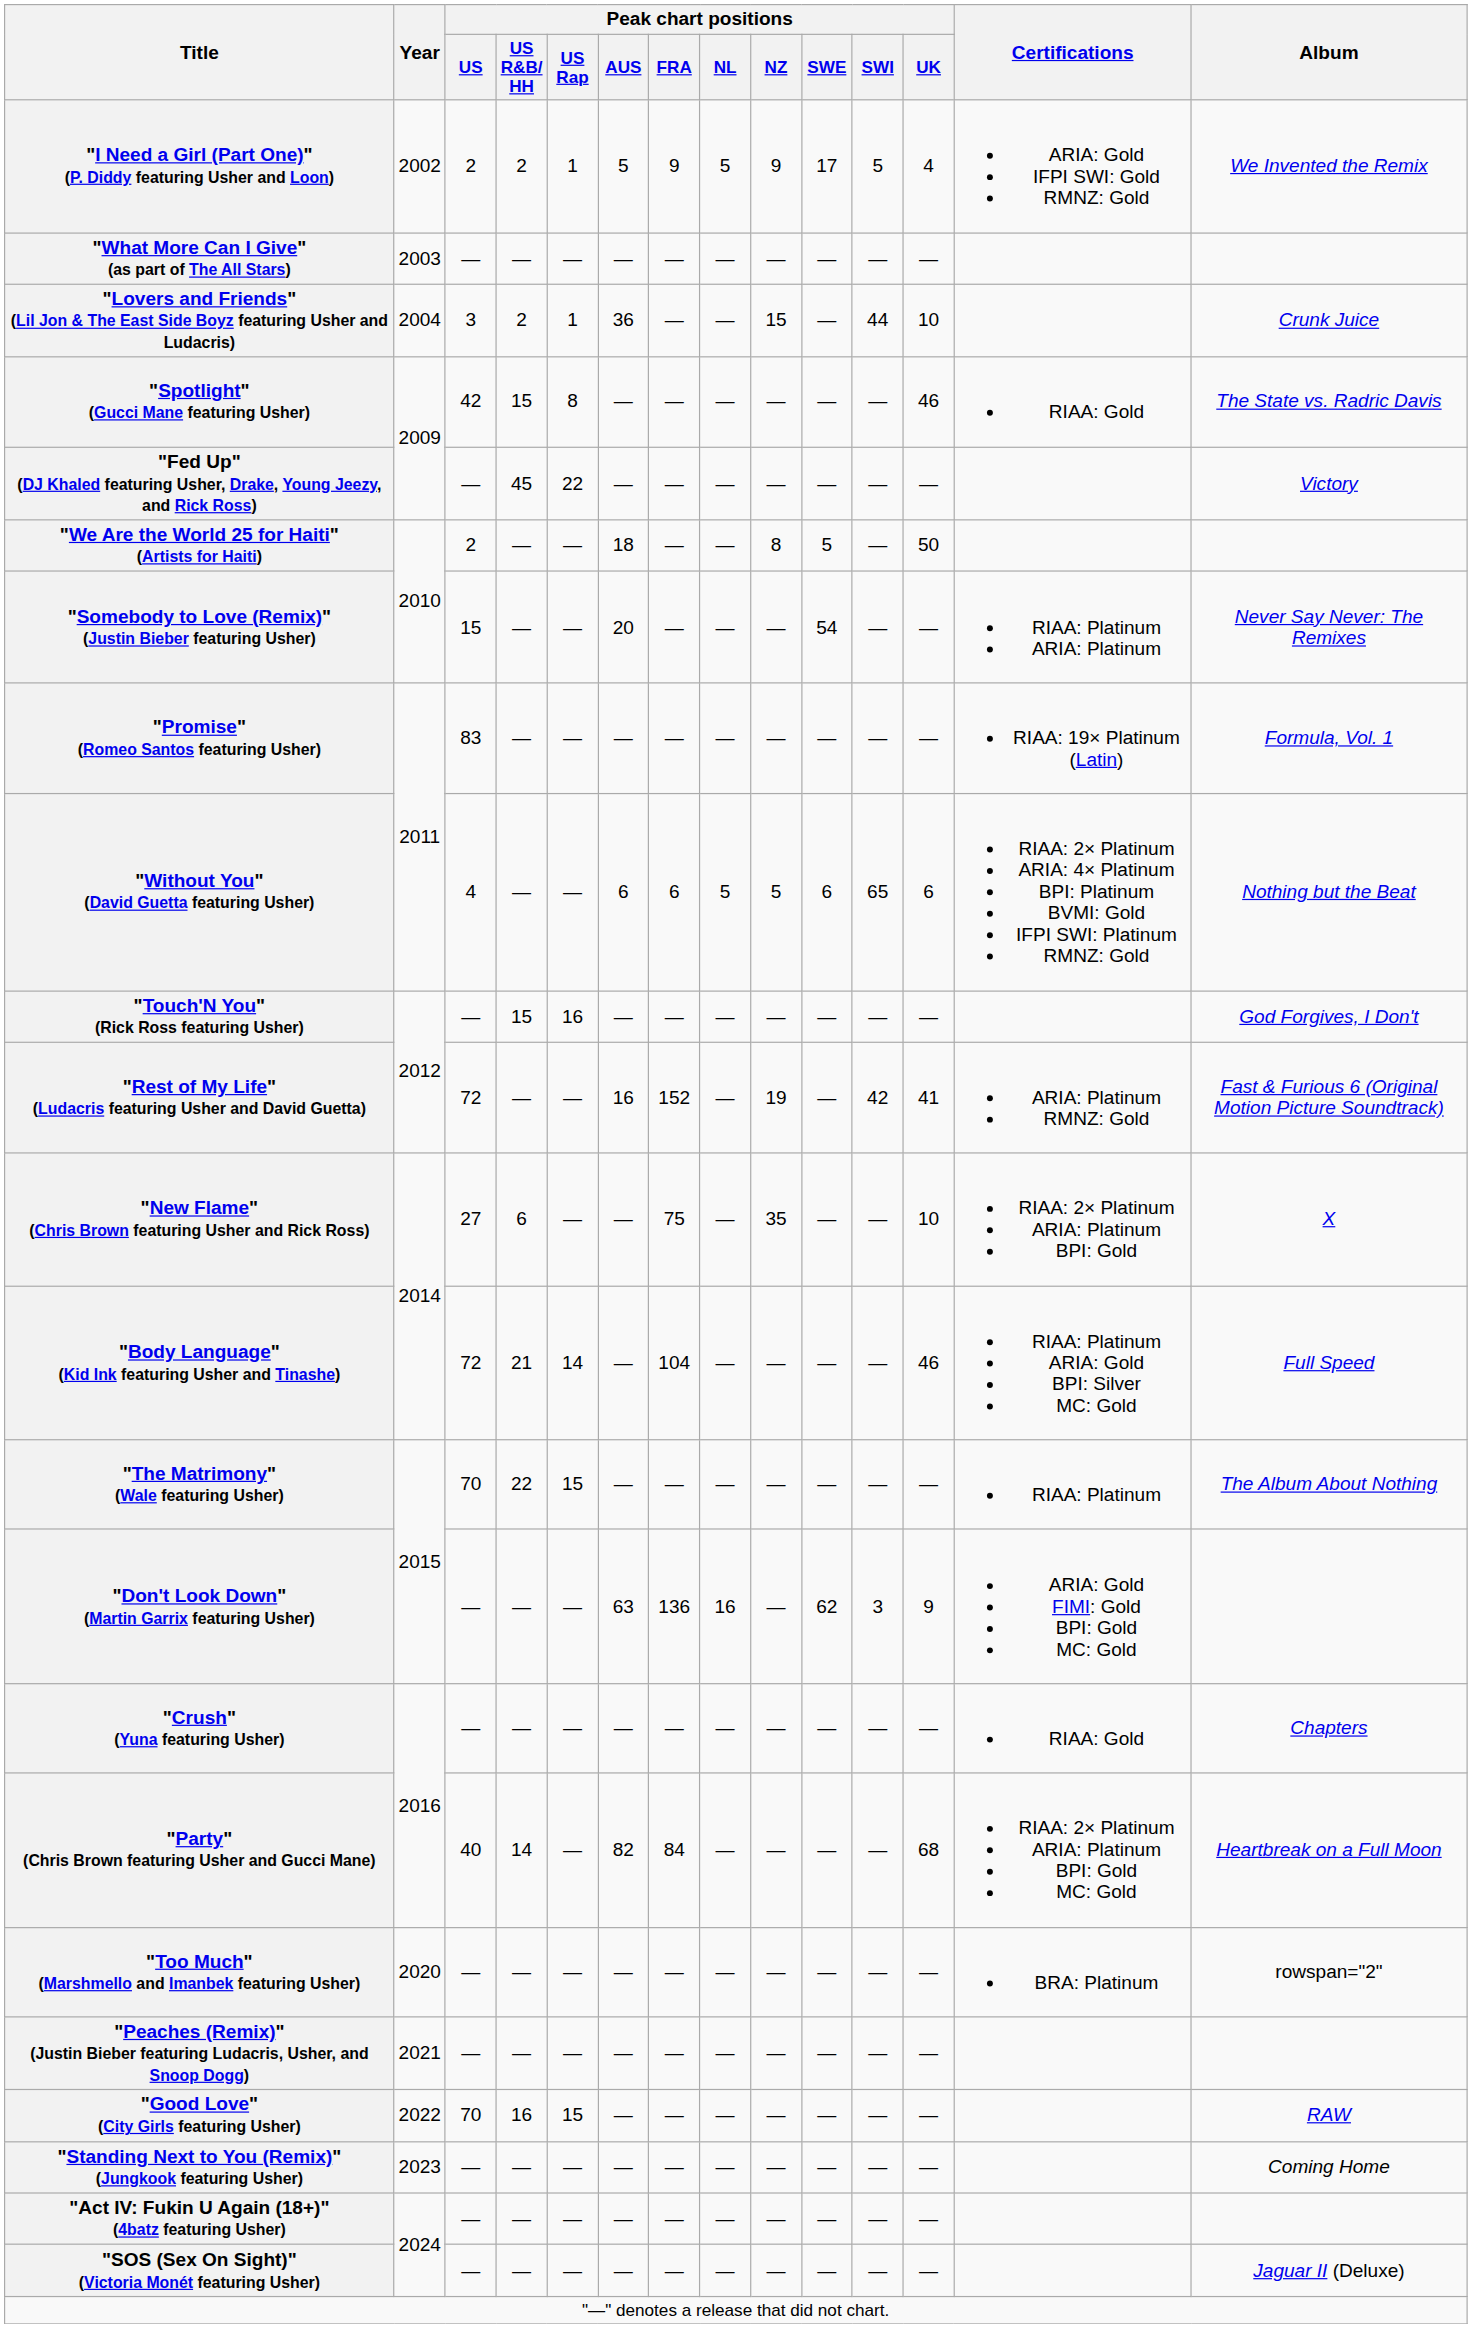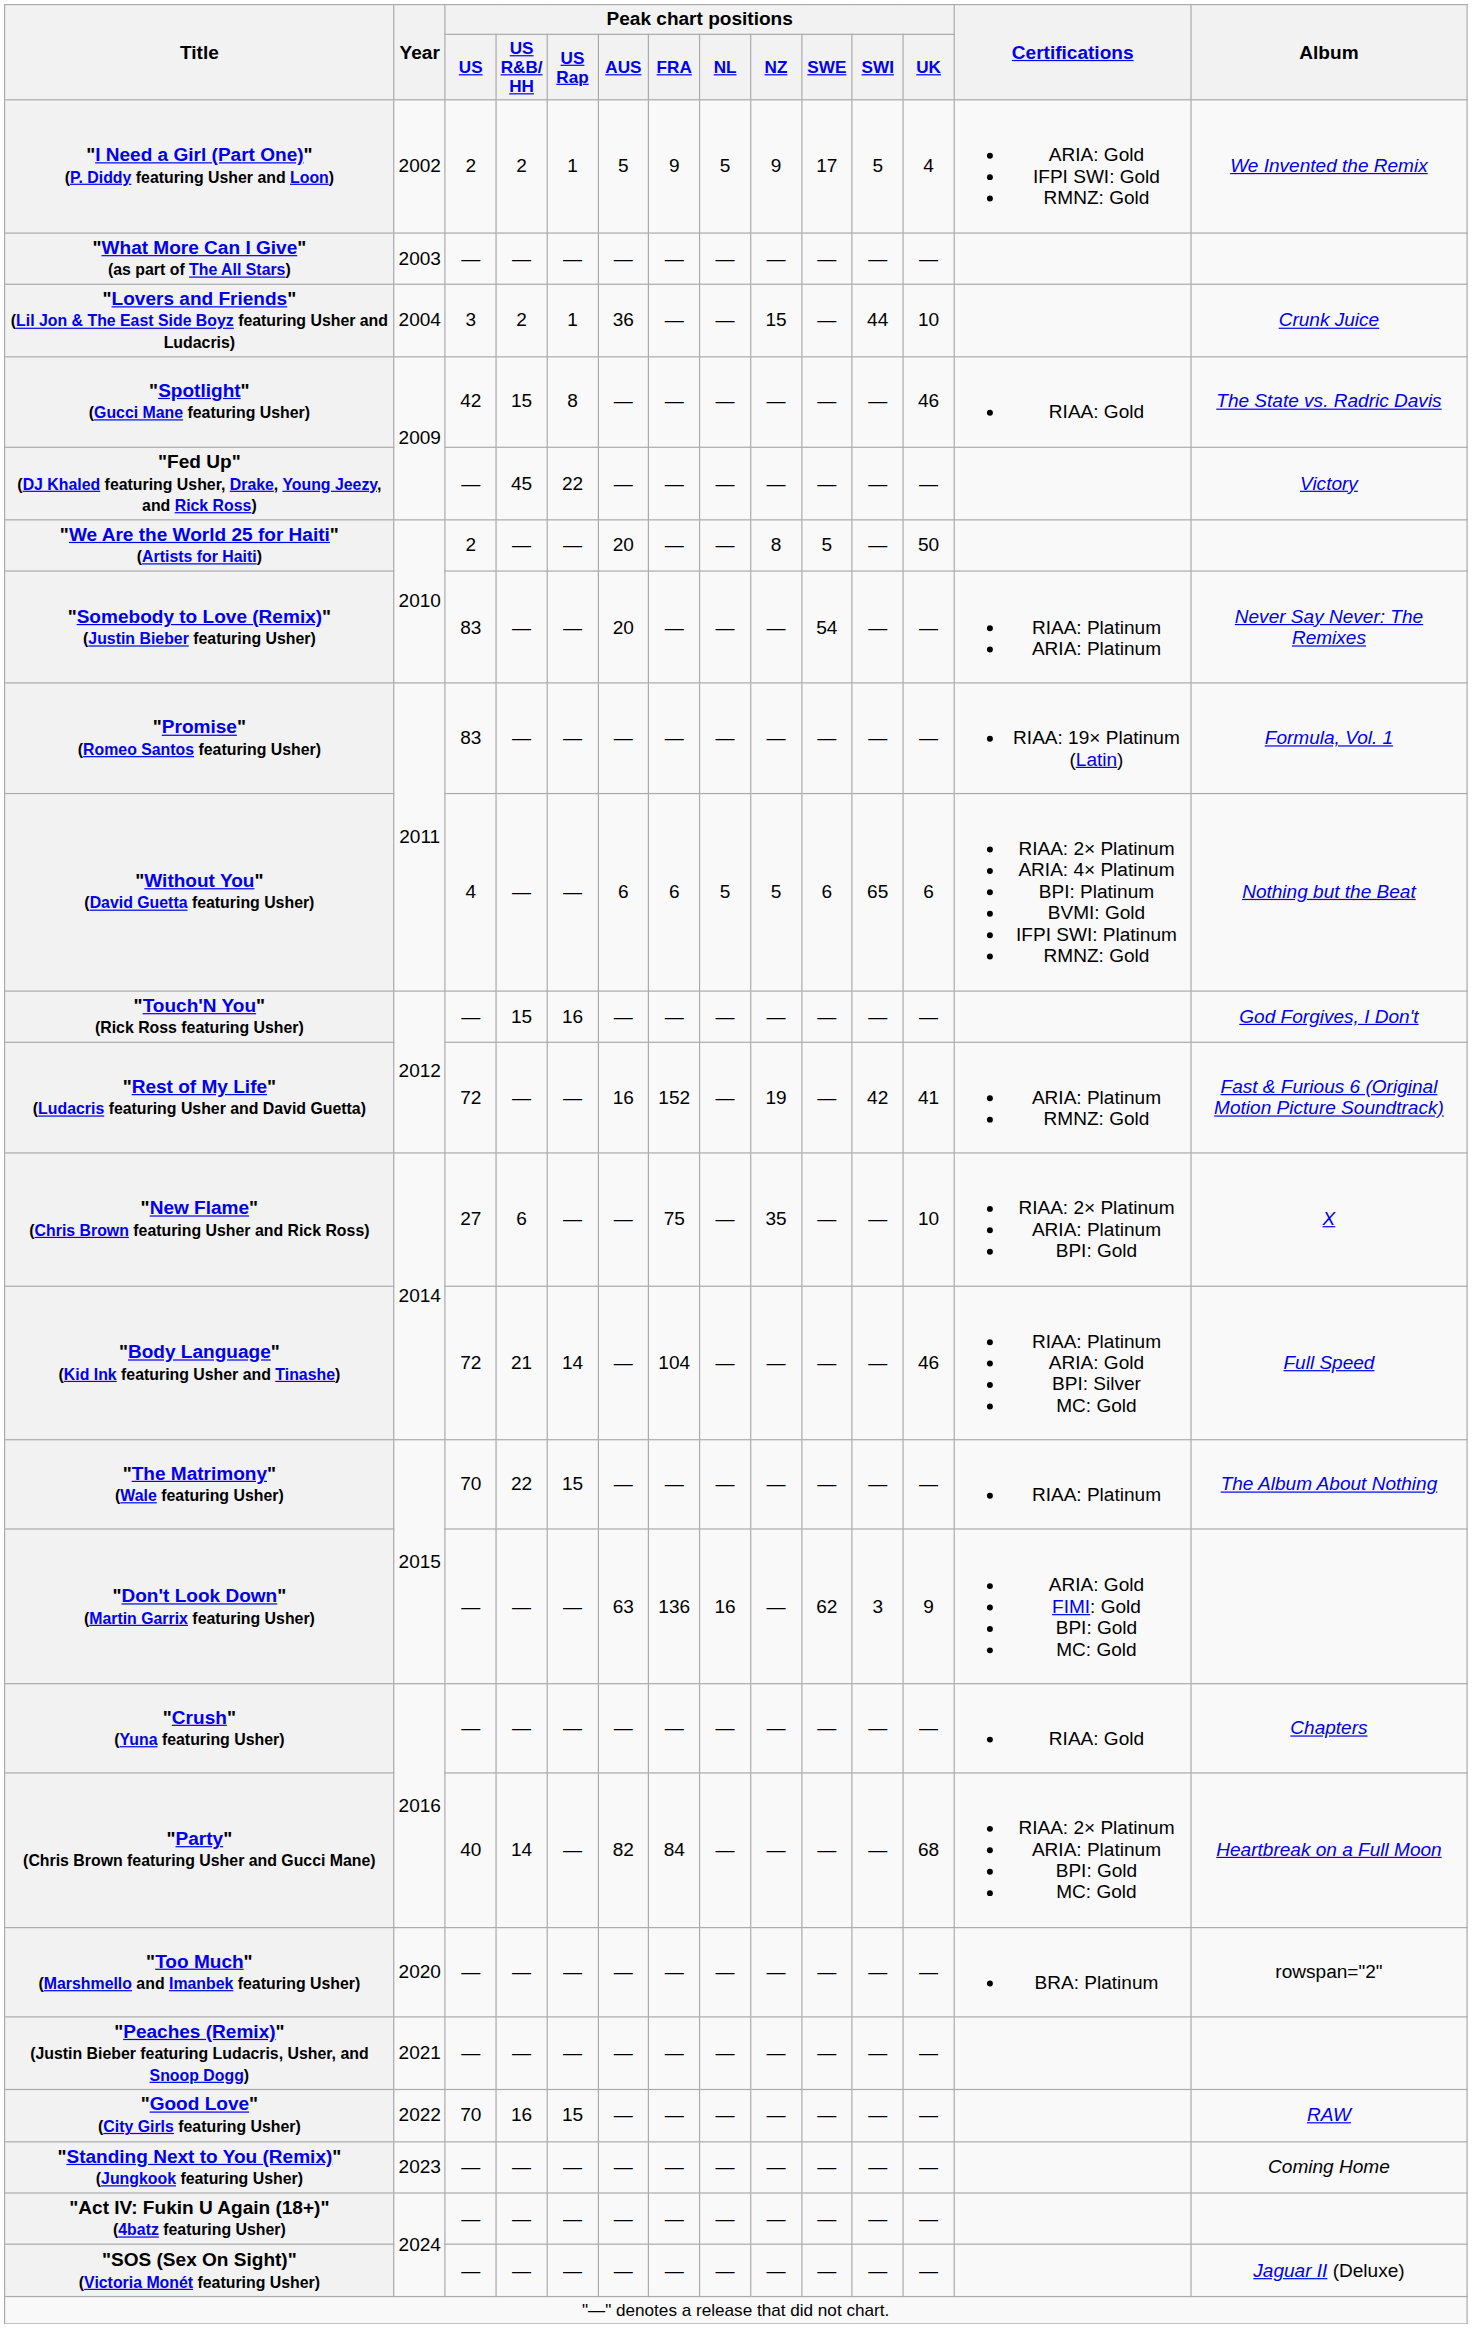 <table class="wikitable plainrowheaders" style="text-align:center;" border="1">
 <tr>
 <th scope="col" rowspan="2" style="width:20em;">Title</th>
 <th scope="col" rowspan="2">Year</th>
 <th scope="col" colspan="10">Peak chart positions</th>
 <th scope="col" rowspan="2" style="width:12em;"><a href='#'>Certifications</a></th>
 <th scope="col" rowspan="2" style="width:14em;">Album</th>
 </tr>
 <tr>
 <th scope="col" style="width:2.5em;font-size:90%;"><a href='#'>US</a><br></th>
 <th scope="col" style="width:2.5em;font-size:90%;"><a href='#'>US<br>R&B/<br>HH</a><br></th>
 <th scope="col" style="width:2.5em;font-size:90%;"><a href='#'>US Rap</a><br></th>
 <th scope="col" style="width:2.5em;font-size:90%;"><a href='#'>AUS</a><br></th>
 <th scope="col" style="width:2.5em;font-size:90%;"><a href='#'>FRA</a><br></th>
 <th scope="col" style="width:2.5em;font-size:90%;"><a href='#'>NL</a><br></th>
 <th scope="col" style="width:2.5em;font-size:90%;"><a href='#'>NZ</a><br></th>
 <th scope="col" style="width:2.5em;font-size:90%;"><a href='#'>SWE</a><br></th>
 <th scope="col" style="width:2.5em;font-size:90%;"><a href='#'>SWI</a><br></th>
 <th scope="col" style="width:2.5em;font-size:90%;"><a href='#'>UK</a><br></th>
 </tr>
 <tr>
 <th scope="row">"<a href='#'>I Need a Girl (Part One)</a>"<br><small>(<a href='#'>P. Diddy</a> featuring Usher and <a href='#'>Loon</a>)</small></th>
 <td>2002</td>
 <td>2</td>
 <td>2</td>
 <td>1</td>
 <td>5</td>
 <td>9</td>
 <td>5</td>
 <td>9</td>
 <td>17</td>
 <td>5</td>
 <td>4</td>
 <td><br><ul><li>ARIA: Gold</li><li>IFPI SWI: Gold</li><li>RMNZ: Gold</li></ul></td>
 <td><em><a href='#'>We Invented the Remix</a></em></td>
 </tr>
 <tr>
 <th scope="row">"<a href='#'>What More Can I Give</a>"<br><small>(as part of <a href='#'>The All Stars</a>)</small></th>
 <td>2003</td>
 <td>—</td>
 <td>—</td>
 <td>—</td>
 <td>—</td>
 <td>—</td>
 <td>—</td>
 <td>—</td>
 <td>—</td>
 <td>—</td>
 <td>—</td>
 <td></td>
 <td></td>
 </tr>
 <tr>
 <th scope="row">"<a href='#'>Lovers and Friends</a>"<br><small>(<a href='#'>Lil Jon & The East Side Boyz</a> featuring Usher and Ludacris)</small></th>
 <td>2004</td>
 <td>3</td>
 <td>2</td>
 <td>1</td>
 <td>36</td>
 <td>—</td>
 <td>—</td>
 <td>15</td>
 <td>—</td>
 <td>44</td>
 <td>10</td>
 <td></td>
 <td><em><a href='#'>Crunk Juice</a></em></td>
 </tr>
 <tr>
 <th scope="row">"<a href='#'>Spotlight</a>"<br><small>(<a href='#'>Gucci Mane</a> featuring Usher)</small></th>
 <td rowspan="2">2009</td>
 <td>42</td>
 <td>15</td>
 <td>8</td>
 <td>—</td>
 <td>—</td>
 <td>—</td>
 <td>—</td>
 <td>—</td>
 <td>—</td>
 <td>46</td>
 <td><br><ul><li>RIAA: Gold</li></ul></td>
 <td><em><a href='#'>The State vs. Radric Davis</a></em></td>
 </tr>
 <tr>
 <th scope="row">"Fed Up"<br><small>(<a href='#'>DJ Khaled</a> featuring Usher, <a href='#'>Drake</a>, <a href='#'>Young Jeezy</a>, and <a href='#'>Rick Ross</a>)</small></th>
 <td>—</td>
 <td>45</td>
 <td>22</td>
 <td>—</td>
 <td>—</td>
 <td>—</td>
 <td>—</td>
 <td>—</td>
 <td>—</td>
 <td>—</td>
 <td></td>
 <td><em><a href='#'>Victory</a></em></td>
 </tr>
 <tr>
 <th scope="row">"<a href='#'>We Are the World 25 for Haiti</a>"<br><small>(<a href='#'>Artists for Haiti</a>)</small></th>
 <td rowspan="2">2010</td>
 <td>2</td>
 <td>—</td>
 <td>—</td>
-<td>18</td>
+<td>20</td>
 <td>—</td>
 <td>—</td>
 <td>8</td>
 <td>5</td>
 <td>—</td>
 <td>50</td>
 <td></td>
 <td></td>
 </tr>
 <tr>
 <th scope="row">"<a href='#'>Somebody to Love (Remix)</a>"<br><small>(<a href='#'>Justin Bieber</a> featuring Usher)</small></th>
-<td>15</td>
+<td>83</td>
 <td>—</td>
 <td>—</td>
 <td>20</td>
 <td>—</td>
 <td>—</td>
 <td>—</td>
 <td>54</td>
 <td>—</td>
 <td>—</td>
 <td><br><ul><li>RIAA: Platinum</li><li>ARIA: Platinum</li></ul></td>
 <td><em><a href='#'>Never Say Never: The Remixes</a></em></td>
 </tr>
 <tr>
 <th scope="row">"<a href='#'>Promise</a>"<br><small>(<a href='#'>Romeo Santos</a> featuring Usher)</small></th>
 <td rowspan="2">2011</td>
 <td>83</td>
 <td>—</td>
 <td>—</td>
 <td>—</td>
 <td>—</td>
 <td>—</td>
 <td>—</td>
 <td>—</td>
 <td>—</td>
 <td>—</td>
 <td><br><ul><li>RIAA: 19× Platinum<br>(<a href='#'>Latin</a>)</li></ul></td>
 <td><em><a href='#'>Formula, Vol. 1</a></em></td>
 </tr>
 <tr>
 <th scope="row">"<a href='#'>Without You</a>"<br><small>(<a href='#'>David Guetta</a> featuring Usher)</small></th>
 <td>4</td>
 <td>—</td>
 <td>—</td>
 <td>6</td>
 <td>6</td>
 <td>5</td>
 <td>5</td>
 <td>6</td>
 <td>65</td>
 <td>6</td>
 <td><br><ul><li>RIAA: 2× Platinum</li><li>ARIA: 4× Platinum</li><li>BPI: Platinum</li><li>BVMI: Gold</li><li>IFPI SWI: Platinum</li><li>RMNZ: Gold</li></ul></td>
 <td><em><a href='#'>Nothing but the Beat</a></em></td>
 </tr>
 <tr>
 <th scope="row">"<a href='#'>Touch'N You</a>"<br><small>(Rick Ross featuring Usher)</small></th>
 <td rowspan="2">2012</td>
 <td>—</td>
 <td>15</td>
 <td>16</td>
 <td>—</td>
 <td>—</td>
 <td>—</td>
 <td>—</td>
 <td>—</td>
 <td>—</td>
 <td>—</td>
 <td></td>
 <td><em><a href='#'>God Forgives, I Don't</a></em></td>
 </tr>
 <tr>
 <th scope="row">"<a href='#'>Rest of My Life</a>"<br><small>(<a href='#'>Ludacris</a> featuring Usher and David Guetta)</small></th>
 <td>72</td>
 <td>—</td>
 <td>—</td>
 <td>16</td>
 <td>152</td>
 <td>—</td>
 <td>19</td>
 <td>—</td>
 <td>42</td>
 <td>41</td>
 <td><br><ul><li>ARIA: Platinum</li><li>RMNZ: Gold</li></ul></td>
 <td><em><a href='#'>Fast & Furious 6 (Original Motion Picture Soundtrack)</a></em></td>
 </tr>
 <tr>
 <th scope="row">"<a href='#'>New Flame</a>"<br><small>(<a href='#'>Chris Brown</a> featuring Usher and Rick Ross)</small></th>
 <td rowspan="2">2014</td>
 <td>27</td>
 <td>6</td>
 <td>—</td>
 <td>—</td>
 <td>75</td>
 <td>—</td>
 <td>35</td>
 <td>—</td>
 <td>—</td>
 <td>10</td>
 <td><br><ul><li>RIAA: 2× Platinum</li><li>ARIA: Platinum</li><li>BPI: Gold</li></ul></td>
 <td><em><a href='#'>X</a></em></td>
 </tr>
 <tr>
 <th scope="row">"<a href='#'>Body Language</a>"<br><small>(<a href='#'>Kid Ink</a> featuring Usher and <a href='#'>Tinashe</a>)</small></th>
 <td>72</td>
 <td>21</td>
 <td>14</td>
 <td>—</td>
 <td>104</td>
 <td>—</td>
 <td>—</td>
 <td>—</td>
 <td>—</td>
 <td>46</td>
 <td><br><ul><li>RIAA: Platinum</li><li>ARIA: Gold</li><li>BPI: Silver</li><li>MC: Gold</li></ul></td>
 <td><em><a href='#'>Full Speed</a></em></td>
 </tr>
 <tr>
 <th scope="row">"<a href='#'>The Matrimony</a>"<br><small>(<a href='#'>Wale</a> featuring Usher)</small></th>
 <td rowspan="2">2015</td>
 <td>70</td>
 <td>22</td>
 <td>15</td>
 <td>—</td>
 <td>—</td>
 <td>—</td>
 <td>—</td>
 <td>—</td>
 <td>—</td>
 <td>—</td>
 <td><br><ul><li>RIAA: Platinum</li></ul></td>
 <td><em><a href='#'>The Album About Nothing</a></em></td>
 </tr>
 <tr>
 <th scope="row">"<a href='#'>Don't Look Down</a>"<br><small>(<a href='#'>Martin Garrix</a> featuring Usher)</small></th>
 <td>—</td>
 <td>—</td>
 <td>—</td>
 <td>63</td>
 <td>136</td>
 <td>16</td>
 <td>—</td>
 <td>62</td>
 <td>3</td>
 <td>9</td>
 <td><br><ul><li>ARIA: Gold</li><li><a href='#'>FIMI</a>: Gold</li><li>BPI: Gold</li><li>MC: Gold</li></ul></td>
 <td></td>
 </tr>
 <tr>
 <th scope="row">"<a href='#'>Crush</a>"<br><small>(<a href='#'>Yuna</a> featuring Usher)</small></th>
 <td rowspan="2">2016</td>
 <td>—</td>
 <td>—</td>
 <td>—</td>
 <td>—</td>
 <td>—</td>
 <td>—</td>
 <td>—</td>
 <td>—</td>
 <td>—</td>
 <td>—</td>
 <td><br><ul><li>RIAA: Gold</li></ul></td>
 <td><em><a href='#'>Chapters</a></em></td>
 </tr>
 <tr>
 <th scope="row">"<a href='#'>Party</a>"<br><small>(Chris Brown featuring Usher and Gucci Mane)</small></th>
 <td>40</td>
 <td>14</td>
 <td>—</td>
 <td>82</td>
 <td>84</td>
 <td>—</td>
 <td>—</td>
 <td>—</td>
 <td>—</td>
 <td>68</td>
 <td><br><ul><li>RIAA: 2× Platinum</li><li>ARIA: Platinum</li><li>BPI: Gold</li><li>MC: Gold</li></ul></td>
 <td><em><a href='#'>Heartbreak on a Full Moon</a></em></td>
 </tr>
 <tr>
 <th scope="row">"<a href='#'>Too Much</a>"<br><small>(<a href='#'>Marshmello</a> and <a href='#'>Imanbek</a> featuring Usher)</small></th>
 <td>2020</td>
 <td>—</td>
 <td>—</td>
 <td>—</td>
 <td>—</td>
 <td>—</td>
 <td>—</td>
 <td>—</td>
 <td>—</td>
 <td>—</td>
 <td>—</td>
 <td><br><ul><li>BRA: Platinum</li></ul></td>
 <td>rowspan="2" </td>
 </tr>
 <tr>
 <th scope="row">"<a href='#'>Peaches (Remix)</a>"<br><small>(Justin Bieber featuring Ludacris, Usher, and <a href='#'>Snoop Dogg</a>)</small></th>
 <td>2021</td>
 <td>—</td>
 <td>—</td>
 <td>—</td>
 <td>—</td>
 <td>—</td>
 <td>—</td>
 <td>—</td>
 <td>—</td>
 <td>—</td>
 <td>—</td>
 <td></td>
 </tr>
 <tr>
 <th scope="row">"<a href='#'>Good Love</a>"<br><small>(<a href='#'>City Girls</a> featuring Usher)</small></th>
 <td>2022</td>
 <td>70</td>
 <td>16</td>
 <td>15</td>
 <td>—</td>
 <td>—</td>
 <td>—</td>
 <td>—</td>
 <td>—</td>
 <td>—</td>
 <td>—</td>
 <td></td>
 <td><em><a href='#'>RAW</a></em></td>
 </tr>
 <tr>
 <th scope="row">"<a href='#'>Standing Next to You (Remix)</a>"<br><small>(<a href='#'>Jungkook</a> featuring Usher)</small></th>
 <td>2023</td>
 <td>—</td>
 <td>—</td>
 <td>—</td>
 <td>—</td>
 <td>—</td>
 <td>—</td>
 <td>—</td>
 <td>—</td>
 <td>—</td>
 <td>—</td>
 <td></td>
 <td><em>Coming Home</em></td>
 </tr>
 <tr>
 <th scope="row">"Act IV: Fukin U Again (18+)"<br><small>(<a href='#'>4batz</a> featuring Usher)</small></th>
 <td rowspan="2">2024</td>
 <td>—</td>
 <td>—</td>
 <td>—</td>
 <td>—</td>
 <td>—</td>
 <td>—</td>
 <td>—</td>
 <td>—</td>
 <td>—</td>
 <td>—</td>
 <td></td>
 <td></td>
 </tr>
 <tr>
 <th scope="row">"SOS (Sex On Sight)"<br><small>(<a href='#'>Victoria Monét</a> featuring Usher)</small></th>
 <td>—</td>
 <td>—</td>
 <td>—</td>
 <td>—</td>
 <td>—</td>
 <td>—</td>
 <td>—</td>
 <td>—</td>
 <td>—</td>
 <td>—</td>
 <td></td>
 <td><em><a href='#'>Jaguar II</a></em> (Deluxe)</td>
 </tr>
 <tr>
 <td colspan="14" style="text-align:center; font-size:90%;">"—" denotes a release that did not chart.</td>
 </tr>
 </table>
